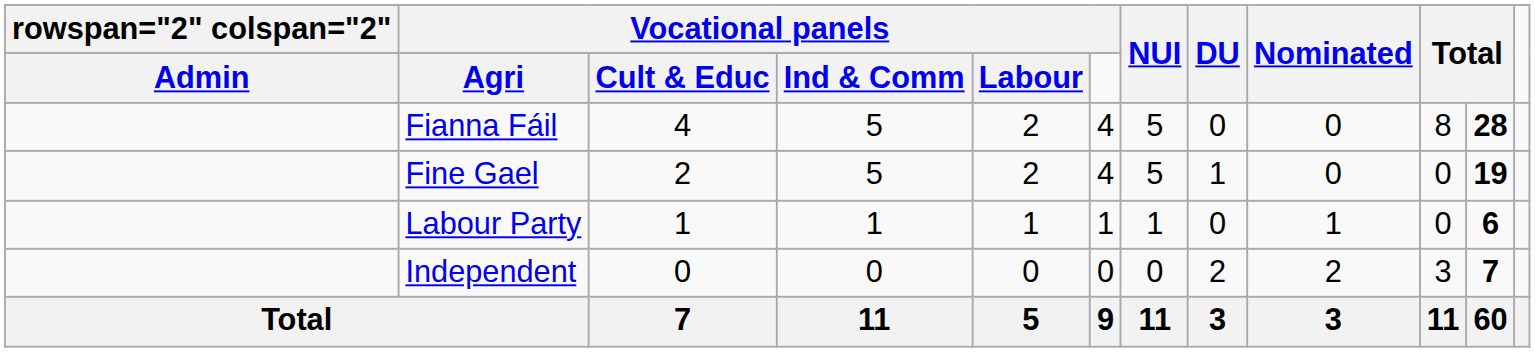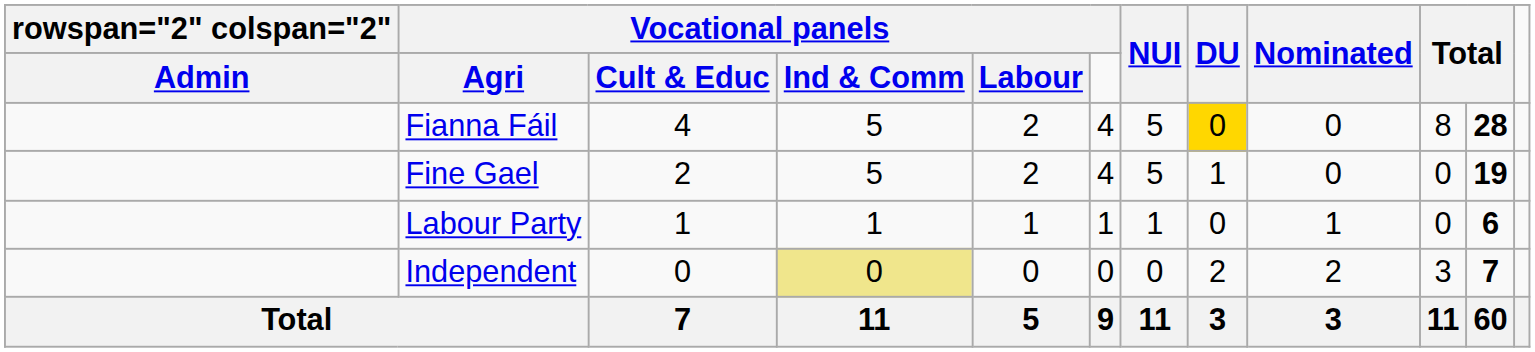 <table class="wikitable">
 <tr>
 <th>rowspan="2" colspan="2" </th>
 <th scope="col" colspan="5"><a href='#'>Vocational panels</a></th>
 <th rowspan="2"><a href='#'>NUI</a></th>
 <th rowspan="2"><a href='#'>DU</a></th>
 <th rowspan="2"><a href='#'>Nominated</a></th>
 <th rowspan="2" colspan="2">Total</th>
 </tr>
 <tr>
 <th scope="col"><a href='#'>Admin</a></th>
 <th scope="col"><a href='#'>Agri</a></th>
 <th scope="col"><a href='#'>Cult & Educ</a></th>
 <th scope="col"><a href='#'>Ind & Comm</a></th>
 <th scope="col"><a href='#'>Labour</a></th>
 </tr>
 <tr style="text-align:center">
 <td style="background-color: "></td>
 <td align="left"><a href='#'>Fianna Fáil</a></td>
 <td>4</td>
 <td>5</td>
 <td>2</td>
 <td>4</td>
 <td>5</td>
-<td>0</td>
+<td style="background: gold;">0</td>
 <td>0</td>
 <td>8</td>
 <td><strong>28</strong></td>
 <td style="background-color: "></td>
 </tr>
 <tr style="text-align:center">
 <td style="background-color: "></td>
 <td align="left"><a href='#'>Fine Gael</a></td>
 <td>2</td>
 <td>5</td>
 <td>2</td>
 <td>4</td>
 <td>5</td>
 <td>1</td>
 <td>0</td>
 <td>0</td>
 <td><strong>19</strong></td>
 <td style="background-color: "></td>
 </tr>
 <tr style="text-align:center">
 <td style="background-color: "></td>
 <td align="left"><a href='#'>Labour Party</a></td>
 <td>1</td>
 <td>1</td>
 <td>1</td>
 <td>1</td>
 <td>1</td>
 <td>0</td>
 <td>1</td>
 <td>0</td>
 <td><strong>6</strong></td>
 <td style="background-color: "></td>
 </tr>
 <tr style="text-align:center">
 <td style="background-color: "></td>
 <td align="left"><a href='#'>Independent</a></td>
 <td>0</td>
-<td>0</td>
+<td style="background: khaki;">0</td>
 <td>0</td>
 <td>0</td>
 <td>0</td>
 <td>2</td>
 <td>2</td>
 <td>3</td>
 <td><strong>7</strong></td>
 <td style="background-color: "></td>
 </tr>
 <tr style="text-align:center">
 <th colspan="2">Total</th>
 <th>7</th>
 <th>11</th>
 <th>5</th>
 <th>9</th>
 <th>11</th>
 <th>3</th>
 <th>3</th>
 <th>11</th>
 <th>60</th>
 <th></th>
 </tr>
 </table>
